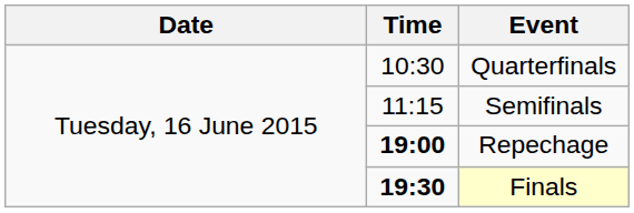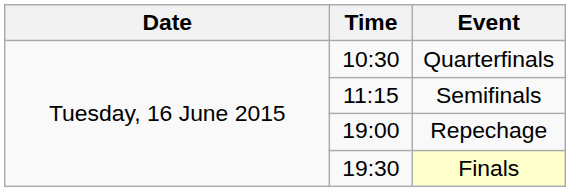 <table class = "wikitable" style="text-align:center;">
 <tr>
 <th width=220>Date</th>
 <th width=50>Time</th>
 <th width=100>Event</th>
 </tr>
 <tr>
 <td rowspan=4>Tuesday, 16 June 2015</td>
 <td>10:30</td>
 <td>Quarterfinals</td>
 </tr>
 <tr>
 <td>11:15</td>
 <td>Semifinals</td>
 </tr>
 <tr>
-<td><strong>19:00</strong></td>
+<td>19:00</td>
 <td>Repechage</td>
 </tr>
 <tr>
-<td><strong>19:30</strong></td>
+<td>19:30</td>
 <td bgcolor=ffffcc>Finals</td>
 </tr>
 </table>
